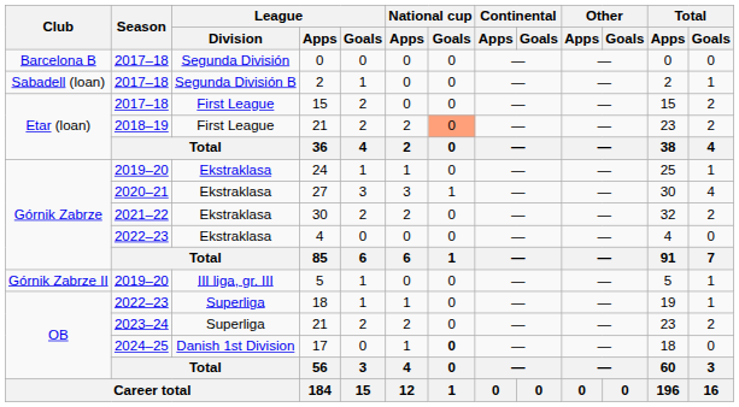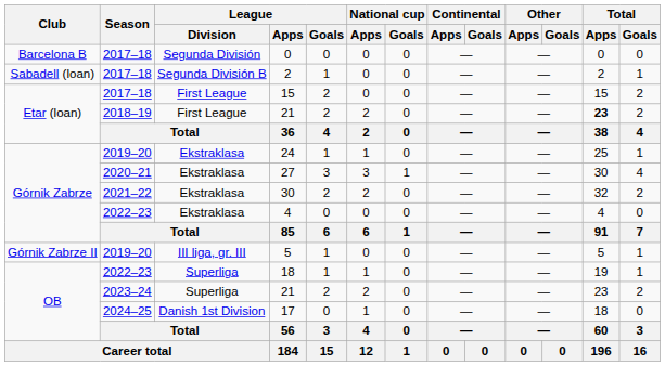 <table class="wikitable" style="text-align:center">
 <tr>
 <th rowspan="2">Club</th>
 <th rowspan="2">Season</th>
 <th colspan="3">League</th>
 <th colspan="2">National cup</th>
 <th colspan="2">Continental</th>
 <th colspan="2">Other</th>
 <th colspan="2">Total</th>
 </tr>
 <tr>
 <th>Division</th>
 <th>Apps</th>
 <th>Goals</th>
 <th>Apps</th>
 <th>Goals</th>
 <th>Apps</th>
 <th>Goals</th>
 <th>Apps</th>
 <th>Goals</th>
 <th>Apps</th>
 <th>Goals</th>
 </tr>
 <tr>
 <td><a href='#'>Barcelona B</a></td>
 <td><a href='#'>2017–18</a></td>
 <td><a href='#'>Segunda División</a></td>
 <td>0</td>
 <td>0</td>
 <td>0</td>
 <td>0</td>
 <td colspan="2">—</td>
 <td colspan="2">—</td>
 <td>0</td>
 <td>0</td>
 </tr>
 <tr>
 <td><a href='#'>Sabadell</a> (loan)</td>
 <td><a href='#'>2017–18</a></td>
 <td><a href='#'>Segunda División B</a></td>
 <td>2</td>
 <td>1</td>
 <td>0</td>
 <td>0</td>
 <td colspan="2">—</td>
 <td colspan="2">—</td>
 <td>2</td>
 <td>1</td>
 </tr>
 <tr>
 <td rowspan="3"><a href='#'>Etar</a> (loan)</td>
 <td><a href='#'>2017–18</a></td>
 <td><a href='#'>First League</a></td>
 <td>15</td>
 <td>2</td>
 <td>0</td>
 <td>0</td>
 <td colspan="2">—</td>
 <td colspan="2">—</td>
 <td>15</td>
 <td>2</td>
 </tr>
 <tr>
 <td><a href='#'>2018–19</a></td>
 <td>First League</td>
 <td>21</td>
 <td>2</td>
 <td>2</td>
-<td style="background: lightsalmon;">0</td>
+<td>0</td>
 <td colspan="2">—</td>
 <td colspan="2">—</td>
-<td>23</td>
+<td><strong>23</strong></td>
 <td>2</td>
 </tr>
 <tr>
 <th colspan="2">Total</th>
 <th>36</th>
 <th>4</th>
 <th>2</th>
 <th>0</th>
 <th colspan="2">—</th>
 <th colspan="2">—</th>
 <th>38</th>
 <th>4</th>
 </tr>
 <tr>
 <td rowspan="5"><a href='#'>Górnik Zabrze</a></td>
 <td><a href='#'>2019–20</a></td>
 <td><a href='#'>Ekstraklasa</a></td>
 <td>24</td>
 <td>1</td>
 <td>1</td>
 <td>0</td>
 <td colspan="2">—</td>
 <td colspan="2">—</td>
 <td>25</td>
 <td>1</td>
 </tr>
 <tr>
 <td><a href='#'>2020–21</a></td>
 <td>Ekstraklasa</td>
 <td>27</td>
 <td>3</td>
 <td>3</td>
 <td>1</td>
 <td colspan="2">—</td>
 <td colspan="2">—</td>
 <td>30</td>
 <td>4</td>
 </tr>
 <tr>
 <td><a href='#'>2021–22</a></td>
 <td>Ekstraklasa</td>
 <td>30</td>
 <td>2</td>
 <td>2</td>
 <td>0</td>
 <td colspan="2">—</td>
 <td colspan="2">—</td>
 <td>32</td>
 <td>2</td>
 </tr>
 <tr>
 <td><a href='#'>2022–23</a></td>
 <td>Ekstraklasa</td>
 <td>4</td>
 <td>0</td>
 <td>0</td>
 <td>0</td>
 <td colspan="2">—</td>
 <td colspan="2">—</td>
 <td>4</td>
 <td>0</td>
 </tr>
 <tr>
 <th colspan="2">Total</th>
 <th>85</th>
 <th>6</th>
 <th>6</th>
 <th>1</th>
 <th colspan="2">—</th>
 <th colspan="2">—</th>
 <th>91</th>
 <th>7</th>
 </tr>
 <tr>
 <td><a href='#'>Górnik Zabrze II</a></td>
 <td><a href='#'>2019–20</a></td>
 <td><a href='#'>III liga, gr. III</a></td>
 <td>5</td>
 <td>1</td>
 <td>0</td>
 <td>0</td>
 <td colspan="2">—</td>
 <td colspan="2">—</td>
 <td>5</td>
 <td>1</td>
 </tr>
 <tr>
 <td rowspan="4"><a href='#'>OB</a></td>
 <td><a href='#'>2022–23</a></td>
 <td><a href='#'>Superliga</a></td>
 <td>18</td>
 <td>1</td>
 <td>1</td>
 <td>0</td>
 <td colspan="2">—</td>
 <td colspan="2">—</td>
 <td>19</td>
 <td>1</td>
 </tr>
 <tr>
 <td><a href='#'>2023–24</a></td>
 <td>Superliga</td>
 <td>21</td>
 <td>2</td>
 <td>2</td>
 <td>0</td>
 <td colspan="2">—</td>
 <td colspan="2">—</td>
 <td>23</td>
 <td>2</td>
 </tr>
 <tr>
 <td><a href='#'>2024–25</a></td>
 <td><a href='#'>Danish 1st Division</a></td>
 <td>17</td>
 <td>0</td>
 <td>1</td>
-<td><strong>0</strong></td>
+<td>0</td>
 <td colspan="2">—</td>
 <td colspan="2">—</td>
 <td>18</td>
 <td>0</td>
 </tr>
 <tr>
 <th colspan="2">Total</th>
 <th>56</th>
 <th>3</th>
 <th>4</th>
 <th>0</th>
 <th colspan="2">—</th>
 <th colspan="2">—</th>
 <th>60</th>
 <th>3</th>
 </tr>
 <tr>
 <th colspan="3">Career total</th>
 <th>184</th>
 <th>15</th>
 <th>12</th>
 <th>1</th>
 <th>0</th>
 <th>0</th>
 <th>0</th>
 <th>0</th>
 <th>196</th>
 <th>16</th>
 </tr>
 </table>
